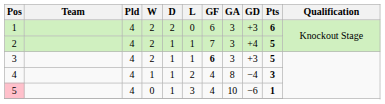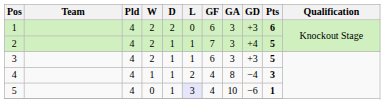 <table class="wikitable" border="1" style="text-align: center;">
 <tr>
 <th width="25"><abbr>Pos</abbr></th>
 <th width="150">Team</th>
 <th width="25"><abbr>Pld</abbr></th>
 <th width="25"><abbr>W</abbr></th>
 <th width="25"><abbr>D</abbr></th>
 <th width="25"><abbr>L</abbr></th>
 <th width="25"><abbr>GF</abbr></th>
 <th width="25"><abbr>GA</abbr></th>
 <th width="25"><abbr>GD</abbr></th>
 <th width="25"><abbr>Pts</abbr></th>
 <th width="150">Qualification</th>
 </tr>
 <tr bgcolor= #D0F0C0>
 <td>1</td>
 <td align="left"></td>
 <td>4</td>
 <td>2</td>
 <td>2</td>
 <td>0</td>
 <td>6</td>
 <td>3</td>
 <td>+3</td>
 <td><strong>6</strong></td>
 <td rowspan=2>Knockout Stage</td>
 </tr>
 <tr bgcolor= #D0F0C0>
 <td>2</td>
 <td align="left"></td>
 <td>4</td>
 <td>2</td>
 <td>1</td>
 <td>1</td>
 <td>7</td>
 <td>3</td>
 <td>+4</td>
 <td><strong>5</strong></td>
 </tr>
 <tr>
 <td>3</td>
 <td align="left"></td>
 <td>4</td>
 <td>2</td>
 <td>1</td>
 <td>1</td>
-<td><strong>6</strong></td>
+<td>6</td>
 <td>3</td>
 <td>+3</td>
 <td><strong>5</strong></td>
 </tr>
 <tr>
 <td>4</td>
 <td align="left"></td>
 <td>4</td>
 <td>1</td>
 <td>1</td>
 <td>2</td>
 <td>4</td>
 <td>8</td>
 <td>−4</td>
 <td><strong>3</strong></td>
 </tr>
 <tr>
-<td style="background: pink;">5</td>
+<td>5</td>
 <td align="left"></td>
 <td>4</td>
 <td>0</td>
 <td>1</td>
-<td>3</td>
+<td style="background: lavender;">3</td>
 <td>4</td>
 <td>10</td>
 <td>−6</td>
 <td><strong>1</strong></td>
 </tr>
 <tr>
 </tr>
 </table>
